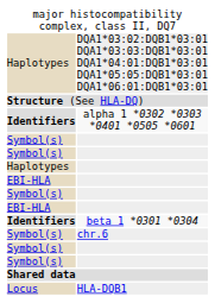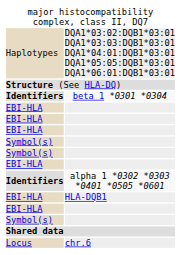 <table id="drugInfoBox" style="float: right; clear: right; margin: 0 0 0.5em 1em; background: #ffffff;" class="toccolours" border=0 cellpadding=0 align=right width="240px">
 <tr>
 <td align="center" colspan="2"></td>
 </tr>
 <tr>
 <td align="center" colspan="2"><div>major histocompatibility complex, class II, DQ7 </div></td>
 </tr>
 <tr>
 <td bgcolor="#e7dcc3">Haplotypes</td>
 <td bgcolor="#eeeeee">DQA1*03:02:DQB1*03:01 DQA1*03:03:DQB1*03:01 DQA1*04:01:DQB1*03:01 DQA1*05:05:DQB1*03:01 DQA1*06:01:DQB1*03:01</td>
 </tr>
 <tr>
 <td colspan="2" bgcolor="#dddddd"><strong>Structure</strong> (See <a href='#'>HLA-DQ</a>)</td>
 </tr>
 <tr style="background:#f8f8f8">
 <td bgcolor="#dddddd"><strong>Identifiers</strong></td>
-<td align="center"><div>alpha 1 <em>*0302</em> <em>*0303</em> <em>*0401</em> <em>*0505</em> <em>*0601</em></div></td>
+<td align="center"><div><a href='#'>beta 1</a> <em>*0301</em> <em>*0304</em></div></td>
 </tr>
 <tr>
-<td bgcolor="#e7dcc3"><a href='#'>Symbol(s)</a></td>
+<td bgcolor="#e7dcc3"><a href='#'>EBI-HLA</a></td>
+<td bgcolor="#eeeeee"></td>
+</tr>
+<tr>
+<td bgcolor="#e7dcc3"><a href='#'>EBI-HLA</a></td>
+<td bgcolor="#eeeeee"></td>
+</tr>
+<tr>
+<td bgcolor="#e7dcc3"><a href='#'>EBI-HLA</a></td>
 <td bgcolor="#eeeeee"></td>
 </tr>
 <tr>
 <td bgcolor="#e7dcc3"><a href='#'>Symbol(s)</a></td>
-<td bgcolor="#eeeeee"></td>
-</tr>
-<tr>
-<td bgcolor="#e7dcc3">Haplotypes</td>
-<td bgcolor="#eeeeee"></td>
-</tr>
-<tr>
-<td bgcolor="#e7dcc3"><a href='#'>EBI-HLA</a></td>
 <td bgcolor="#eeeeee"></td>
 </tr>
 <tr>
 <td bgcolor="#e7dcc3"><a href='#'>Symbol(s)</a></td>
 <td bgcolor="#eeeeee"></td>
 </tr>
 <tr>
 <td bgcolor="#e7dcc3"><a href='#'>EBI-HLA</a></td>
 <td bgcolor="#eeeeee"></td>
 </tr>
 <tr style="background:#f8f8f8">
 <td bgcolor="#dddddd"><strong>Identifiers</strong></td>
-<td align="center"><div><a href='#'>beta 1</a> <em>*0301</em> <em>*0304</em></div></td>
+<td align="center"><div>alpha 1 <em>*0302</em> <em>*0303</em> <em>*0401</em> <em>*0505</em> <em>*0601</em></div></td>
 </tr>
 <tr>
-<td bgcolor="#e7dcc3"><a href='#'>Symbol(s)</a></td>
-<td bgcolor="#eeeeee"><a href='#'>chr.6</a> <em></em></td>
+<td bgcolor="#e7dcc3"><a href='#'>EBI-HLA</a></td>
+<td bgcolor="#eeeeee"><a href='#'>HLA-DQB1</a></td>
 </tr>
 <tr>
-<td bgcolor="#e7dcc3"><a href='#'>Symbol(s)</a></td>
+<td bgcolor="#e7dcc3"><a href='#'>EBI-HLA</a></td>
 <td bgcolor="#eeeeee"></td>
 </tr>
 <tr>
 <td bgcolor="#e7dcc3"><a href='#'>Symbol(s)</a></td>
 <td bgcolor="#eeeeee"></td>
 </tr>
 <tr>
 <td colspan="2" bgcolor="#dddddd"><strong>Shared data</strong></td>
 </tr>
 <tr>
 <td bgcolor="#e7dcc3"><a href='#'>Locus</a></td>
-<td bgcolor="#eeeeee"><a href='#'>HLA-DQB1</a></td>
+<td bgcolor="#eeeeee"><a href='#'>chr.6</a> <em></em></td>
 </tr>
 <tr>
 </tr>
 </table>
